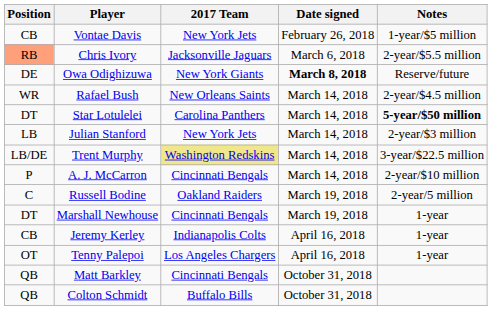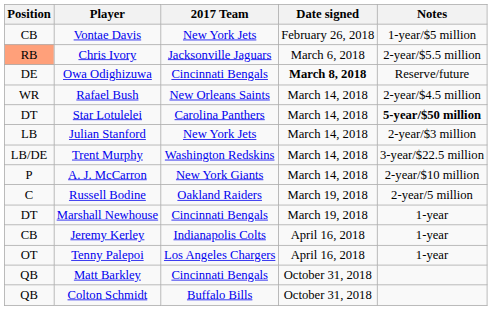 <table class="wikitable sortable" style="text-align:center">
 <tr>
 <th>Position</th>
 <th>Player</th>
 <th>2017 Team</th>
 <th>Date signed</th>
 <th>Notes</th>
 </tr>
 <tr>
 <td>CB</td>
 <td><a href='#'>Vontae Davis</a></td>
 <td><a href='#'>New York Jets</a></td>
 <td>February 26, 2018</td>
 <td>1-year/$5 million</td>
 </tr>
 <tr>
 <td style="background: lightsalmon;">RB</td>
 <td><a href='#'>Chris Ivory</a></td>
 <td><a href='#'>Jacksonville Jaguars</a></td>
 <td>March 6, 2018</td>
 <td>2-year/$5.5 million</td>
 </tr>
 <tr>
 <td>DE</td>
 <td><a href='#'>Owa Odighizuwa</a></td>
-<td><a href='#'>New York Giants</a></td>
+<td><a href='#'>Cincinnati Bengals</a></td>
 <td><strong>March 8, 2018</strong></td>
 <td>Reserve/future</td>
 </tr>
 <tr>
 <td>WR</td>
 <td><a href='#'>Rafael Bush</a></td>
 <td><a href='#'>New Orleans Saints</a></td>
 <td>March 14, 2018</td>
 <td>2-year/$4.5 million</td>
 </tr>
 <tr>
 <td>DT</td>
 <td><a href='#'>Star Lotulelei</a></td>
 <td><a href='#'>Carolina Panthers</a></td>
 <td>March 14, 2018</td>
 <td><strong>5-year/$50 million</strong></td>
 </tr>
 <tr>
 <td>LB</td>
 <td><a href='#'>Julian Stanford</a></td>
 <td><a href='#'>New York Jets</a></td>
 <td>March 14, 2018</td>
 <td>2-year/$3 million</td>
 </tr>
 <tr>
 <td>LB/DE</td>
 <td><a href='#'>Trent Murphy</a></td>
-<td style="background: khaki;"><a href='#'>Washington Redskins</a></td>
+<td><a href='#'>Washington Redskins</a></td>
 <td>March 14, 2018</td>
 <td>3-year/$22.5 million</td>
 </tr>
 <tr>
 <td>P</td>
 <td><a href='#'>A. J. McCarron</a></td>
-<td><a href='#'>Cincinnati Bengals</a></td>
+<td><a href='#'>New York Giants</a></td>
 <td>March 14, 2018</td>
 <td>2-year/$10 million</td>
 </tr>
 <tr>
 <td>C</td>
 <td><a href='#'>Russell Bodine</a></td>
 <td><a href='#'>Oakland Raiders</a></td>
 <td>March 19, 2018</td>
 <td>2-year/5 million</td>
 </tr>
 <tr>
 <td>DT</td>
 <td><a href='#'>Marshall Newhouse</a></td>
 <td><a href='#'>Cincinnati Bengals</a></td>
 <td>March 19, 2018</td>
 <td>1-year</td>
 </tr>
 <tr>
 <td>CB</td>
 <td><a href='#'>Jeremy Kerley</a></td>
 <td><a href='#'>Indianapolis Colts</a></td>
 <td>April 16, 2018</td>
 <td>1-year</td>
 </tr>
 <tr>
 <td>OT</td>
 <td><a href='#'>Tenny Palepoi</a></td>
 <td><a href='#'>Los Angeles Chargers</a></td>
 <td>April 16, 2018</td>
 <td>1-year</td>
 </tr>
 <tr>
 <td>QB</td>
 <td><a href='#'>Matt Barkley</a></td>
 <td><a href='#'>Cincinnati Bengals</a></td>
 <td>October 31, 2018</td>
 <td></td>
 </tr>
 <tr>
 <td>QB</td>
 <td><a href='#'>Colton Schmidt</a></td>
 <td><a href='#'>Buffalo Bills</a></td>
 <td>October 31, 2018</td>
 <td></td>
 </tr>
 </table>
